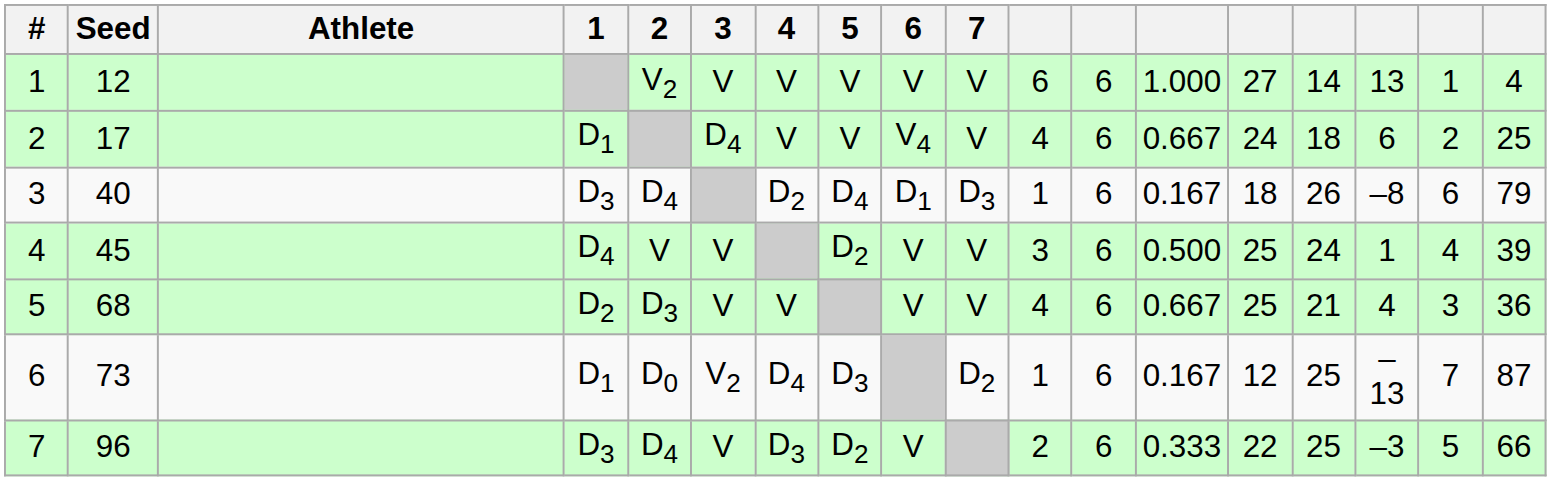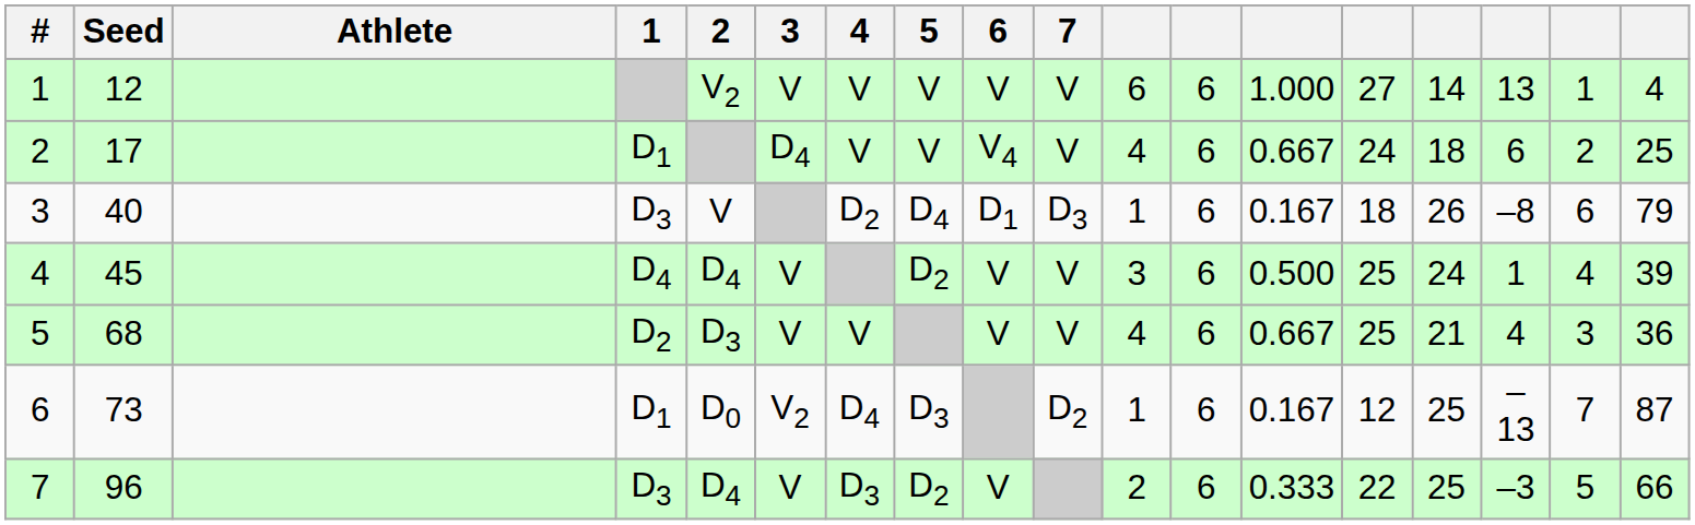 <table class="wikitable" style="text-align:center">
 <tr>
 <th width="25">#</th>
 <th width="25">Seed</th>
 <th width="200">Athlete</th>
 <th width="25">1</th>
 <th width="25">2</th>
 <th width="25">3</th>
 <th width="25">4</th>
 <th width="25">5</th>
 <th width="25">6</th>
 <th width="25">7</th>
 <th width="25"></th>
 <th width="25"></th>
 <th width="40"></th>
 <th width="25"></th>
 <th width="25"></th>
 <th width="25"></th>
 <th width="25"></th>
 <th width="25"></th>
 </tr>
 <tr bgcolor="ccffcc">
 <td>1</td>
 <td>12</td>
 <td align=left></td>
 <td bgcolor="#cccccc"></td>
 <td>V<sub>2</sub></td>
 <td>V</td>
 <td>V</td>
 <td>V</td>
 <td>V</td>
 <td>V</td>
 <td>6</td>
 <td>6</td>
 <td>1.000</td>
 <td>27</td>
 <td>14</td>
 <td>13</td>
 <td>1</td>
 <td>4</td>
 </tr>
 <tr bgcolor="ccffcc">
 <td>2</td>
 <td>17</td>
 <td align=left></td>
 <td>D<sub>1</sub></td>
 <td bgcolor="#cccccc"></td>
 <td>D<sub>4</sub></td>
 <td>V</td>
 <td>V</td>
 <td>V<sub>4</sub></td>
 <td>V</td>
 <td>4</td>
 <td>6</td>
 <td>0.667</td>
 <td>24</td>
 <td>18</td>
 <td>6</td>
 <td>2</td>
 <td>25</td>
 </tr>
 <tr>
 <td>3</td>
 <td>40</td>
 <td align=left></td>
 <td>D<sub>3</sub></td>
-<td>D<sub>4</sub></td>
+<td>V</td>
 <td bgcolor="#cccccc"></td>
 <td>D<sub>2</sub></td>
 <td>D<sub>4</sub></td>
 <td>D<sub>1</sub></td>
 <td>D<sub>3</sub></td>
 <td>1</td>
 <td>6</td>
 <td>0.167</td>
 <td>18</td>
 <td>26</td>
 <td>–8</td>
 <td>6</td>
 <td>79</td>
 </tr>
 <tr bgcolor="ccffcc">
 <td>4</td>
 <td>45</td>
 <td align=left></td>
 <td>D<sub>4</sub></td>
-<td>V</td>
+<td>D<sub>4</sub></td>
 <td>V</td>
 <td bgcolor="#cccccc"></td>
 <td>D<sub>2</sub></td>
 <td>V</td>
 <td>V</td>
 <td>3</td>
 <td>6</td>
 <td>0.500</td>
 <td>25</td>
 <td>24</td>
 <td>1</td>
 <td>4</td>
 <td>39</td>
 </tr>
 <tr bgcolor="ccffcc">
 <td>5</td>
 <td>68</td>
 <td align=left></td>
 <td>D<sub>2</sub></td>
 <td>D<sub>3</sub></td>
 <td>V</td>
 <td>V</td>
 <td bgcolor="#cccccc"></td>
 <td>V</td>
 <td>V</td>
 <td>4</td>
 <td>6</td>
 <td>0.667</td>
 <td>25</td>
 <td>21</td>
 <td>4</td>
 <td>3</td>
 <td>36</td>
 </tr>
 <tr>
 <td>6</td>
 <td>73</td>
 <td align=left></td>
 <td>D<sub>1</sub></td>
 <td>D<sub>0</sub></td>
 <td>V<sub>2</sub></td>
 <td>D<sub>4</sub></td>
 <td>D<sub>3</sub></td>
 <td bgcolor="#cccccc"></td>
 <td>D<sub>2</sub></td>
 <td>1</td>
 <td>6</td>
 <td>0.167</td>
 <td>12</td>
 <td>25</td>
 <td>–13</td>
 <td>7</td>
 <td>87</td>
 </tr>
 <tr bgcolor="ccffcc">
 <td>7</td>
 <td>96</td>
 <td align=left></td>
 <td>D<sub>3</sub></td>
 <td>D<sub>4</sub></td>
 <td>V</td>
 <td>D<sub>3</sub></td>
 <td>D<sub>2</sub></td>
 <td>V</td>
 <td bgcolor="#cccccc"></td>
 <td>2</td>
 <td>6</td>
 <td>0.333</td>
 <td>22</td>
 <td>25</td>
 <td>–3</td>
 <td>5</td>
 <td>66</td>
 </tr>
 </table>
